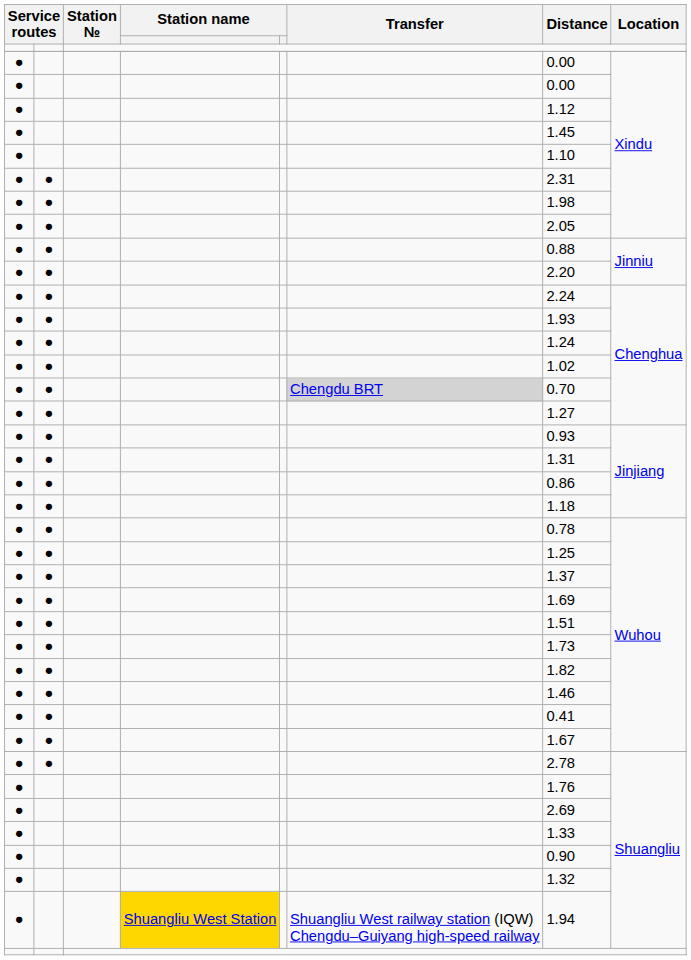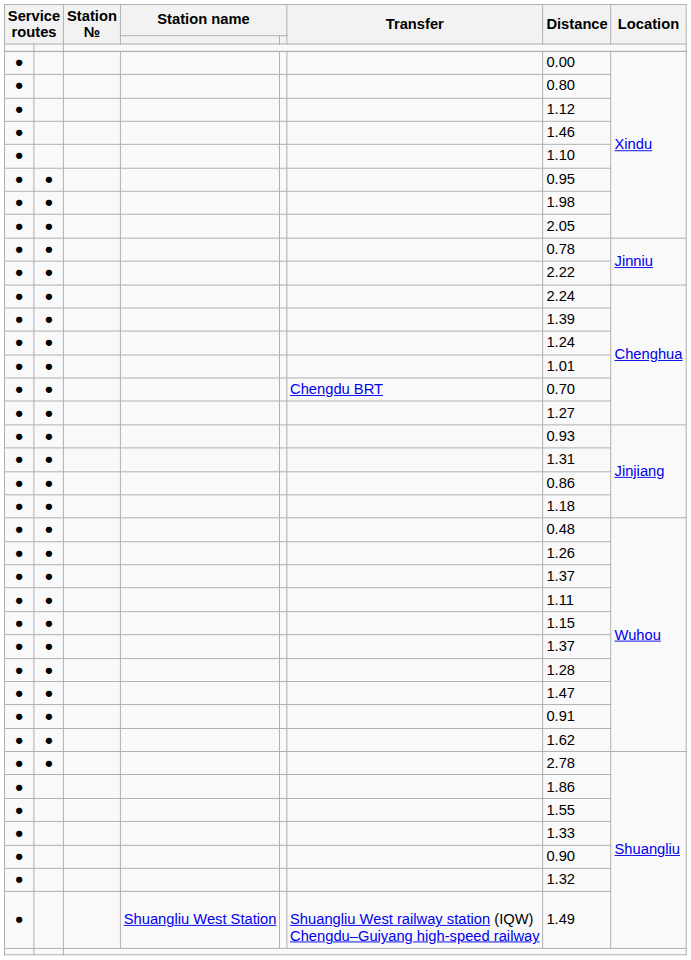 <table class="wikitable">
 <tr>
 <th colspan="2" rowspan="2">Service<br>routes</th>
 <th rowspan="2">Station<br>№</th>
 <th colspan=2>Station name</th>
 <th rowspan=2>Transfer</th>
 <th rowspan="2">Distance<br></th>
 <th rowspan=2>Location</th>
 </tr>
 <tr>
 <th></th>
 <th></th>
 </tr>
 <tr style="background:#">
 <td></td>
 <td></td>
 <td colspan="6"></td>
 </tr>
 <tr>
 </tr>
 <tr>
 <td align="center">●</td>
 <td></td>
 <td></td>
 <td></td>
 <td></td>
 <td></td>
 <td>0.00</td>
 <td rowspan="8"><a href='#'>Xindu</a></td>
 </tr>
 <tr>
 <td align="center">●</td>
 <td></td>
 <td></td>
 <td></td>
 <td></td>
 <td></td>
-<td>0.00</td>
+<td>0.80</td>
 </tr>
 <tr>
 <td align="center">●</td>
 <td></td>
 <td></td>
 <td></td>
 <td></td>
 <td></td>
 <td>1.12</td>
 </tr>
 <tr>
 <td align="center">●</td>
 <td></td>
 <td></td>
 <td></td>
 <td></td>
 <td></td>
-<td>1.45</td>
+<td>1.46</td>
 </tr>
 <tr>
 <td align="center">●</td>
 <td></td>
 <td></td>
 <td></td>
 <td></td>
 <td></td>
 <td>1.10</td>
 </tr>
 <tr>
 <td align="center">●</td>
 <td align="center">●</td>
 <td></td>
 <td></td>
 <td></td>
 <td></td>
-<td>2.31</td>
+<td>0.95</td>
 </tr>
 <tr>
 <td align="center">●</td>
 <td align="center">●</td>
 <td></td>
 <td></td>
 <td></td>
 <td></td>
 <td>1.98</td>
 </tr>
 <tr>
 <td align="center">●</td>
 <td align="center">●</td>
 <td></td>
 <td></td>
 <td></td>
 <td></td>
 <td>2.05</td>
 </tr>
 <tr>
 <td align="center">●</td>
 <td align="center">●</td>
 <td></td>
 <td></td>
 <td></td>
 <td></td>
-<td>0.88</td>
+<td>0.78</td>
 <td rowspan="2"><a href='#'>Jinniu</a></td>
 </tr>
 <tr>
 <td align="center">●</td>
 <td align="center">●</td>
 <td></td>
 <td></td>
 <td></td>
 <td></td>
-<td>2.20</td>
+<td>2.22</td>
 </tr>
 <tr>
 <td align="center">●</td>
 <td align="center">●</td>
 <td></td>
 <td></td>
 <td></td>
 <td></td>
 <td>2.24</td>
 <td rowspan="6"><a href='#'>Chenghua</a></td>
 </tr>
 <tr>
 <td align="center">●</td>
 <td align="center">●</td>
 <td></td>
 <td></td>
 <td></td>
 <td></td>
-<td>1.93</td>
+<td>1.39</td>
 </tr>
 <tr>
 <td align="center">●</td>
 <td align="center">●</td>
 <td></td>
 <td></td>
 <td></td>
 <td></td>
 <td>1.24</td>
 </tr>
 <tr>
 <td align="center">●</td>
 <td align="center">●</td>
 <td></td>
 <td></td>
 <td></td>
 <td></td>
-<td>1.02</td>
+<td>1.01</td>
 </tr>
 <tr>
 <td align="center">●</td>
 <td align="center">●</td>
 <td></td>
 <td></td>
 <td></td>
-<td style="background: lightgrey;"> <a href='#'>Chengdu BRT</a></td>
+<td> <a href='#'>Chengdu BRT</a></td>
 <td>0.70</td>
 </tr>
 <tr>
 <td align="center">●</td>
 <td align="center">●</td>
 <td></td>
 <td></td>
 <td></td>
 <td></td>
 <td>1.27</td>
 </tr>
 <tr>
 <td align="center">●</td>
 <td align="center">●</td>
 <td></td>
 <td></td>
 <td></td>
 <td></td>
 <td>0.93</td>
 <td rowspan="4"><a href='#'>Jinjiang</a></td>
 </tr>
 <tr>
 <td align="center">●</td>
 <td align="center">●</td>
 <td></td>
 <td></td>
 <td></td>
 <td></td>
 <td>1.31</td>
 </tr>
 <tr>
 <td align="center">●</td>
 <td align="center">●</td>
 <td></td>
 <td></td>
 <td></td>
 <td></td>
 <td>0.86</td>
 </tr>
 <tr>
 <td align="center">●</td>
 <td align="center">●</td>
 <td></td>
 <td></td>
 <td></td>
 <td></td>
 <td>1.18</td>
 </tr>
 <tr>
 <td align="center">●</td>
 <td align="center">●</td>
 <td></td>
 <td></td>
 <td></td>
 <td></td>
-<td>0.78</td>
+<td>0.48</td>
 <td rowspan="10"><a href='#'>Wuhou</a></td>
 </tr>
 <tr>
 <td align="center">●</td>
 <td align="center">●</td>
 <td></td>
 <td></td>
 <td></td>
 <td> </td>
-<td>1.25</td>
+<td>1.26</td>
 </tr>
 <tr>
 <td align="center">●</td>
 <td align="center">●</td>
 <td></td>
 <td></td>
 <td></td>
 <td></td>
 <td>1.37</td>
 </tr>
 <tr>
 <td align="center">●</td>
 <td align="center">●</td>
 <td></td>
 <td></td>
 <td></td>
 <td> </td>
-<td>1.69</td>
+<td>1.11</td>
 </tr>
 <tr>
 <td align="center">●</td>
 <td align="center">●</td>
 <td></td>
 <td></td>
 <td></td>
 <td></td>
-<td>1.51</td>
+<td>1.15</td>
 </tr>
 <tr>
 <td align="center">●</td>
 <td align="center">●</td>
 <td></td>
 <td></td>
 <td></td>
 <td> </td>
-<td>1.73</td>
+<td>1.37</td>
 </tr>
 <tr>
 <td align="center">●</td>
 <td align="center">●</td>
 <td></td>
 <td></td>
 <td></td>
 <td></td>
-<td>1.82</td>
+<td>1.28</td>
 </tr>
 <tr>
 <td align="center">●</td>
 <td align="center">●</td>
 <td></td>
 <td></td>
 <td></td>
 <td></td>
-<td>1.46</td>
+<td>1.47</td>
 </tr>
 <tr>
 <td align="center">●</td>
 <td align="center">●</td>
 <td></td>
 <td></td>
 <td></td>
 <td></td>
-<td>0.41</td>
+<td>0.91</td>
 </tr>
 <tr>
 <td align="center">●</td>
 <td align="center">●</td>
 <td></td>
 <td></td>
 <td></td>
 <td></td>
-<td>1.67</td>
+<td>1.62</td>
 </tr>
 <tr>
 <td align="center">●</td>
 <td align="center">●</td>
 <td></td>
 <td></td>
 <td></td>
 <td></td>
 <td>2.78</td>
 <td rowspan="7"><a href='#'>Shuangliu</a></td>
 </tr>
 <tr>
 <td align="center">●</td>
 <td></td>
 <td></td>
 <td></td>
 <td></td>
 <td></td>
-<td>1.76</td>
+<td>1.86</td>
 </tr>
 <tr>
 <td align="center">●</td>
 <td></td>
 <td></td>
 <td></td>
 <td></td>
 <td></td>
-<td>2.69</td>
+<td>1.55</td>
 </tr>
 <tr>
 <td align="center">●</td>
 <td></td>
 <td></td>
 <td></td>
 <td></td>
 <td></td>
 <td>1.33</td>
 </tr>
 <tr>
 <td align="center">●</td>
 <td></td>
 <td></td>
 <td></td>
 <td></td>
 <td></td>
 <td>0.90</td>
 </tr>
 <tr>
 <td align="center">●</td>
 <td></td>
 <td></td>
 <td></td>
 <td></td>
 <td></td>
 <td>1.32</td>
 </tr>
 <tr>
 <td align="center">●</td>
 <td></td>
 <td></td>
-<td style="background: gold;"><a href='#'>Shuangliu West Station</a></td>
+<td><a href='#'>Shuangliu West Station</a></td>
 <td></td>
 <td> <br> <a href='#'>Shuangliu West railway station</a> (IQW)<br><a href='#'>Chengdu–Guiyang high-speed railway</a></td>
-<td>1.94</td>
+<td>1.49</td>
 </tr>
 <tr style="background:#">
 <td></td>
 <td></td>
 <td colspan="6"></td>
 </tr>
 </table>
